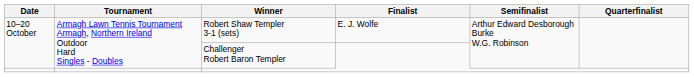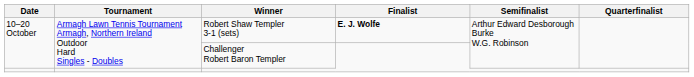 <table class="wikitable" style="font-size:85%;">
 <tr>
 <th width="75">Date</th>
 <th width="230">Tournament</th>
 <th width="210">Winner</th>
 <th width="210">Finalist</th>
 <th width="170">Semifinalist</th>
 <th width="170">Quarterfinalist</th>
 </tr>
 <tr valign=top>
 <td rowspan=2>10–20 October</td>
 <td rowspan=2><a href='#'>Armagh Lawn Tennis Tournament</a><br><a href='#'>Armagh</a>, <a href='#'>Northern Ireland</a><br>Outdoor<br>Hard<br><a href='#'>Singles</a> - <a href='#'>Doubles</a></td>
 <td> Robert Shaw Templer<br>3-1 (sets)</td>
-<td> E. J. Wolfe  <br></td>
+<td><strong> E. J. Wolfe  <br></strong></td>
 <td rowspan=2> Arthur Edward Desborough Burke <br>  W.G. Robinson</td>
 <td rowspan=2><br>   <br></td>
 </tr>
 <tr valign=top>
 <td>Challenger<br>  Robert Baron Templer</td>
 </tr>
 <tr valign=top>
 <td></td>
 <td></td>
 </tr>
 </table>
